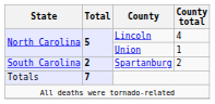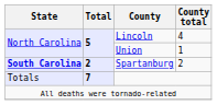 <table class="wikitable" style="margin:0 0 0.5em 1em;float:right;">
 <tr>
 <th><strong>State</strong></th>
 <th><strong>Total</strong></th>
 <th><strong>County</strong></th>
 <th><strong>County<br>total</strong></th>
 </tr>
 <tr>
 <td rowspan=2 bgcolor="#e6e9ff"><a href='#'>North Carolina</a></td>
 <td rowspan=2 bgcolor="#e6e9ff"><strong>5</strong></td>
 <td><a href='#'>Lincoln</a></td>
 <td>4</td>
 </tr>
 <tr>
 <td><a href='#'>Union</a></td>
 <td>1</td>
 </tr>
 <tr>
-<td rowspan=1 bgcolor="#e6e9ff"><a href='#'>South Carolina</a></td>
+<td rowspan=1 bgcolor="#e6e9ff"><strong><a href='#'>South Carolina</a></strong></td>
 <td rowspan=1 bgcolor="#e6e9ff"><strong>2</strong></td>
 <td><a href='#'>Spartanburg</a></td>
 <td>2</td>
 </tr>
 <tr>
 <td bgcolor="#e6e9ff">Totals</td>
 <td bgcolor="#e6e9ff"><strong>7</strong></td>
 <td colspan="2"></td>
 </tr>
 <tr>
 <td colspan=4 align=center><small>All deaths were tornado-related</small></td>
 </tr>
 <tr>
 </tr>
 </table>
